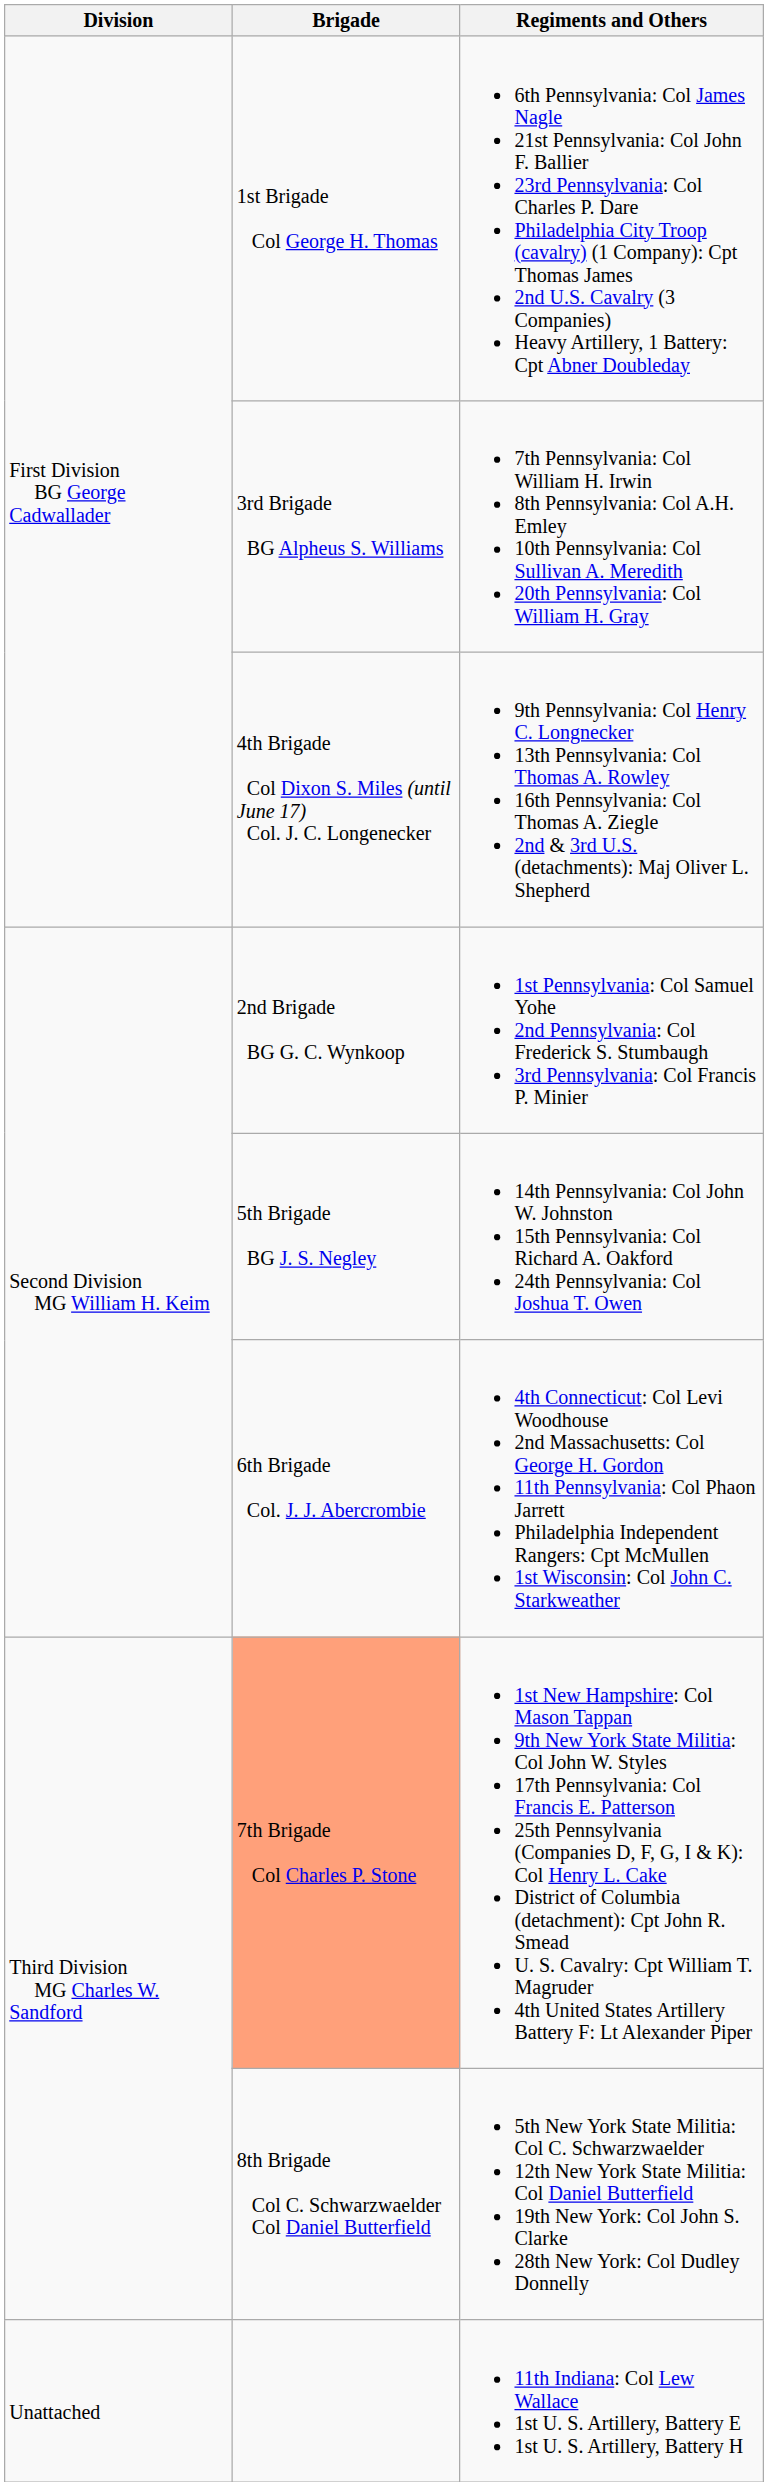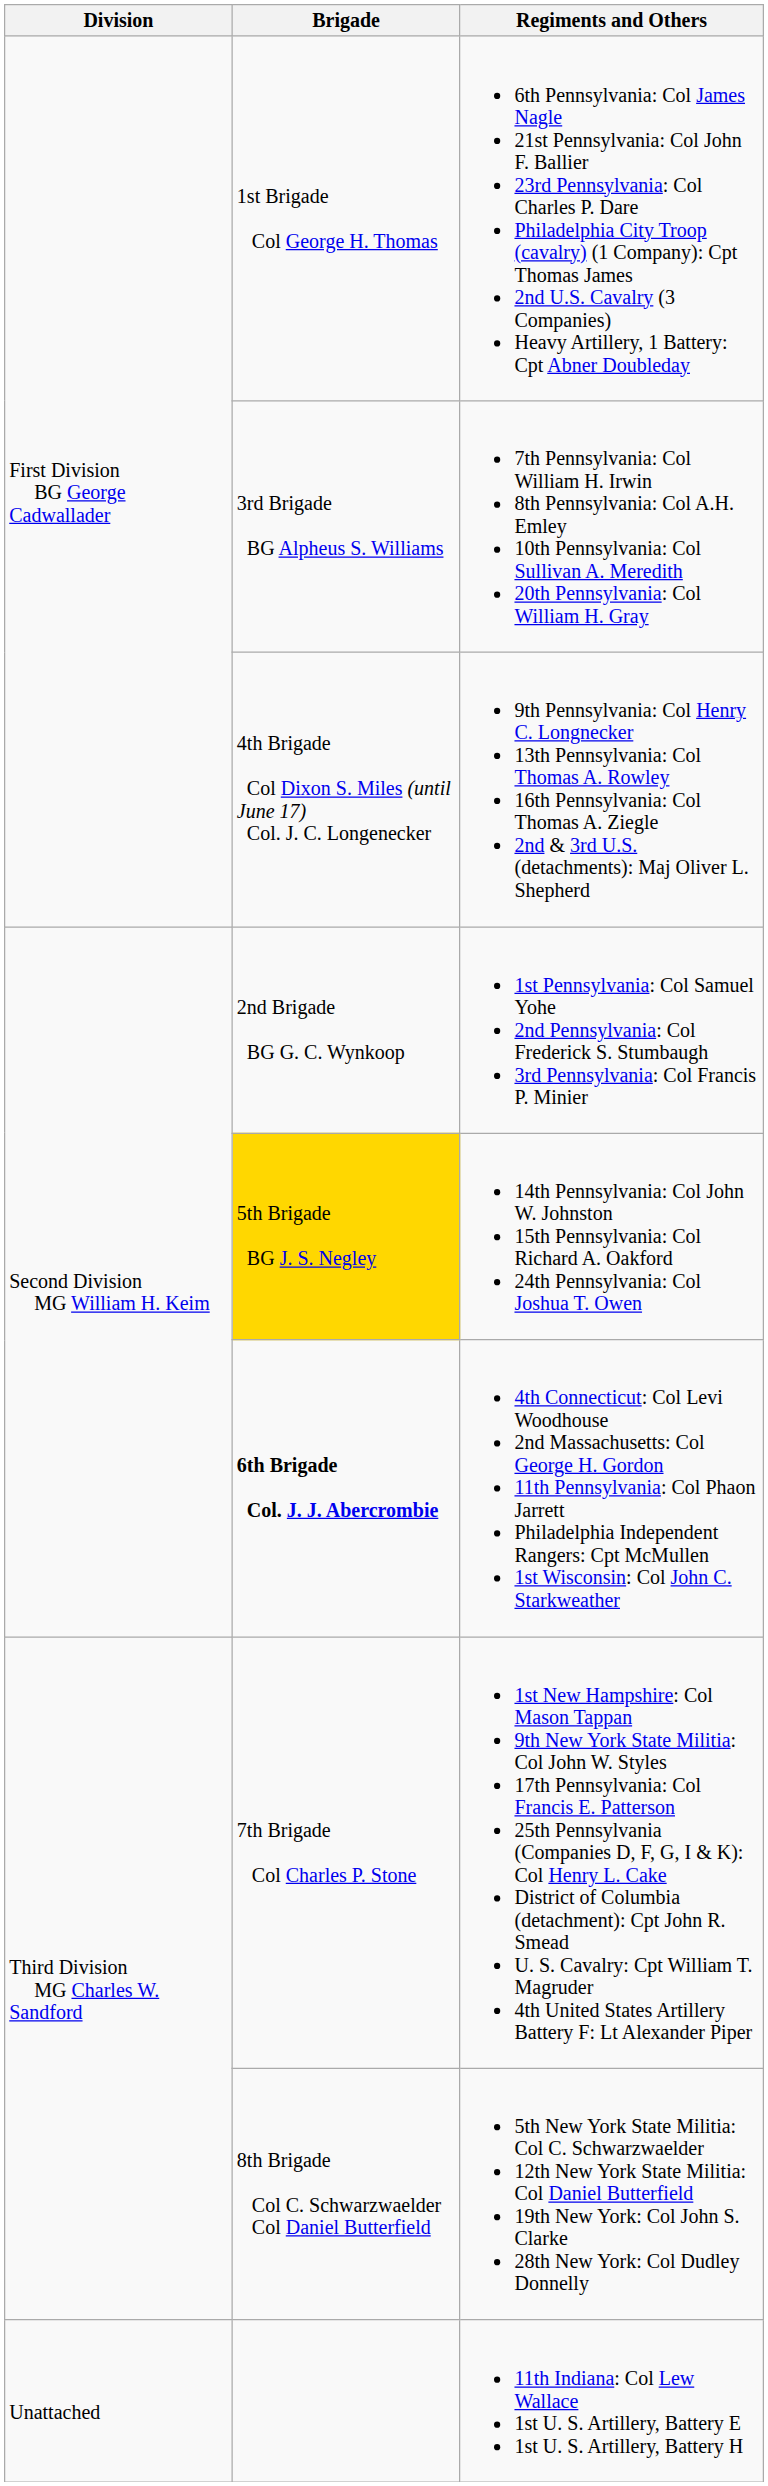 <table class="wikitable">
 <tr>
 <th width=30%>Division</th>
 <th width=30%>Brigade</th>
 <th>Regiments and Others</th>
 </tr>
 <tr>
 <td rowspan=3><br>First Division  <br>     BG <a href='#'>George Cadwallader</a></td>
 <td>1st Brigade<br><br>   Col <a href='#'>George H. Thomas</a></td>
 <td><br><ul><li>6th Pennsylvania: Col <a href='#'>James Nagle</a></li><li>21st Pennsylvania: Col John F. Ballier</li><li><a href='#'>23rd Pennsylvania</a>: Col Charles P. Dare</li><li><a href='#'>Philadelphia City Troop (cavalry)</a> (1 Company): Cpt Thomas James</li><li><a href='#'>2nd U.S. Cavalry</a> (3 Companies)</li><li>Heavy Artillery, 1 Battery: Cpt <a href='#'>Abner Doubleday</a></li></ul></td>
 </tr>
 <tr>
 <td>3rd Brigade<br><br>  BG <a href='#'>Alpheus S. Williams</a></td>
 <td><br><ul><li>7th Pennsylvania: Col William H. Irwin</li><li>8th Pennsylvania: Col A.H. Emley</li><li>10th Pennsylvania: Col <a href='#'>Sullivan A. Meredith</a></li><li><a href='#'>20th Pennsylvania</a>: Col <a href='#'>William H. Gray</a></li></ul></td>
 </tr>
 <tr>
 <td>4th Brigade<br><br>  Col <a href='#'>Dixon S. Miles</a> <em>(until June 17)</em> <br>  Col. J. C. Longenecker</td>
 <td><br><ul><li>9th Pennsylvania: Col <a href='#'>Henry C. Longnecker</a></li><li>13th Pennsylvania: Col <a href='#'>Thomas A. Rowley</a></li><li>16th Pennsylvania: Col Thomas A. Ziegle</li><li><a href='#'>2nd</a> & <a href='#'>3rd U.S.</a> (detachments): Maj Oliver L. Shepherd</li></ul></td>
 </tr>
 <tr>
 <td rowspan=3><br>Second Division  <br>     MG <a href='#'>William H. Keim</a></td>
 <td>2nd Brigade<br><br>  BG G. C. Wynkoop</td>
 <td><br><ul><li><a href='#'>1st Pennsylvania</a>: Col Samuel Yohe</li><li><a href='#'>2nd Pennsylvania</a>: Col Frederick S. Stumbaugh</li><li><a href='#'>3rd Pennsylvania</a>: Col Francis P. Minier</li></ul></td>
 </tr>
 <tr>
-<td>5th Brigade<br><br>  BG <a href='#'>J. S. Negley</a></td>
+<td style="background: gold;">5th Brigade<br><br>  BG <a href='#'>J. S. Negley</a></td>
 <td><br><ul><li>14th Pennsylvania: Col John W. Johnston</li><li>15th Pennsylvania: Col Richard A. Oakford</li><li>24th Pennsylvania: Col <a href='#'>Joshua T. Owen</a></li></ul></td>
 </tr>
 <tr>
-<td>6th Brigade<br><br>  Col. <a href='#'>J. J. Abercrombie</a></td>
+<td><strong>6th Brigade<br><br>  Col. <a href='#'>J. J. Abercrombie</a></strong></td>
 <td><br><ul><li><a href='#'>4th Connecticut</a>: Col Levi Woodhouse</li><li>2nd Massachusetts: Col <a href='#'>George H. Gordon</a></li><li><a href='#'>11th Pennsylvania</a>: Col Phaon Jarrett</li><li>Philadelphia Independent Rangers: Cpt McMullen</li><li><a href='#'>1st Wisconsin</a>: Col <a href='#'>John C. Starkweather</a></li></ul></td>
 </tr>
 <tr>
 <td rowspan=2><br>Third Division <br>     MG <a href='#'>Charles W. Sandford</a></td>
-<td style="background: lightsalmon;">7th Brigade<br><br>   Col <a href='#'>Charles P. Stone</a></td>
+<td>7th Brigade<br><br>   Col <a href='#'>Charles P. Stone</a></td>
 <td><br><ul><li><a href='#'>1st New Hampshire</a>: Col <a href='#'>Mason Tappan</a></li><li><a href='#'>9th New York State Militia</a>: Col John W. Styles</li><li>17th Pennsylvania: Col <a href='#'>Francis E. Patterson</a></li><li>25th Pennsylvania (Companies D, F, G, I & K): Col <a href='#'>Henry L. Cake</a></li><li>District of Columbia (detachment): Cpt John R. Smead</li><li>U. S. Cavalry: Cpt William T. Magruder</li><li>4th United States Artillery Battery F: Lt Alexander Piper</li></ul></td>
 </tr>
 <tr>
 <td>8th Brigade<br><br>   Col C. Schwarzwaelder <br>   Col <a href='#'>Daniel Butterfield</a></td>
 <td><br><ul><li>5th New York State Militia: Col C. Schwarzwaelder</li><li>12th New York State Militia: Col <a href='#'>Daniel Butterfield</a></li><li>19th New York: Col John S. Clarke</li><li>28th New York: Col Dudley Donnelly</li></ul></td>
 </tr>
 <tr>
 <td rowspan=1><br>Unattached</td>
 <td></td>
 <td><br><ul><li><a href='#'>11th Indiana</a>: Col <a href='#'>Lew Wallace</a></li><li>1st U. S. Artillery, Battery E</li><li>1st U. S. Artillery, Battery H</li></ul></td>
 </tr>
 </table>
